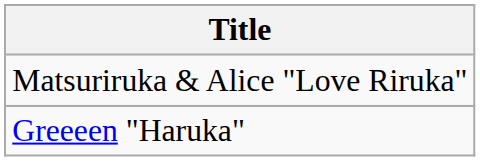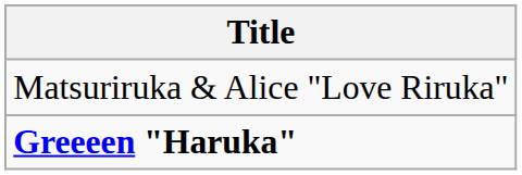 <table class="wikitable">
 <tr>
 <th>Title</th>
 </tr>
 <tr>
 <td>Matsuriruka & Alice "Love Riruka"</td>
 </tr>
 <tr>
-<td><a href='#'>Greeeen</a> "Haruka"</td>
+<td><strong><a href='#'>Greeeen</a> "Haruka"</strong></td>
 </tr>
 </table>
